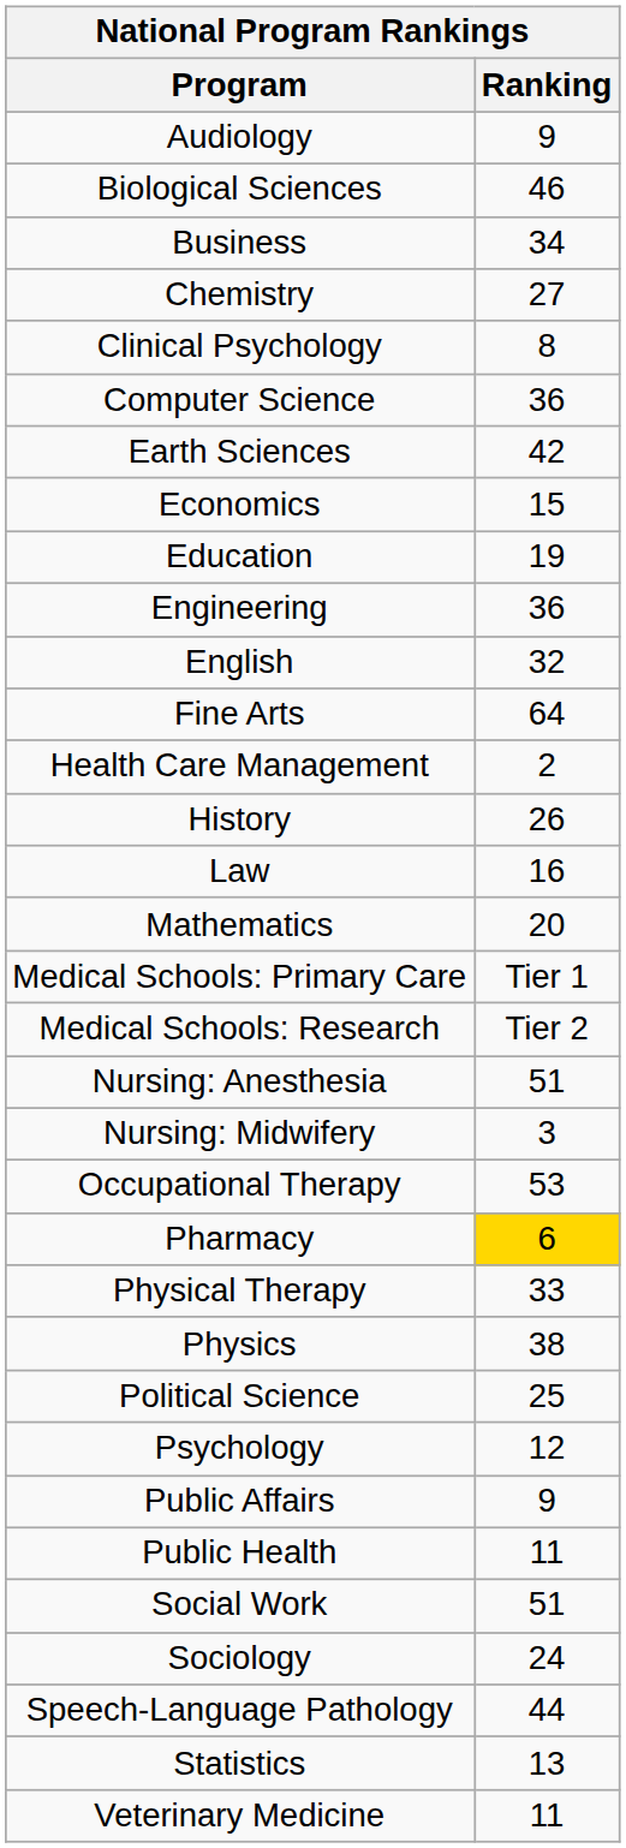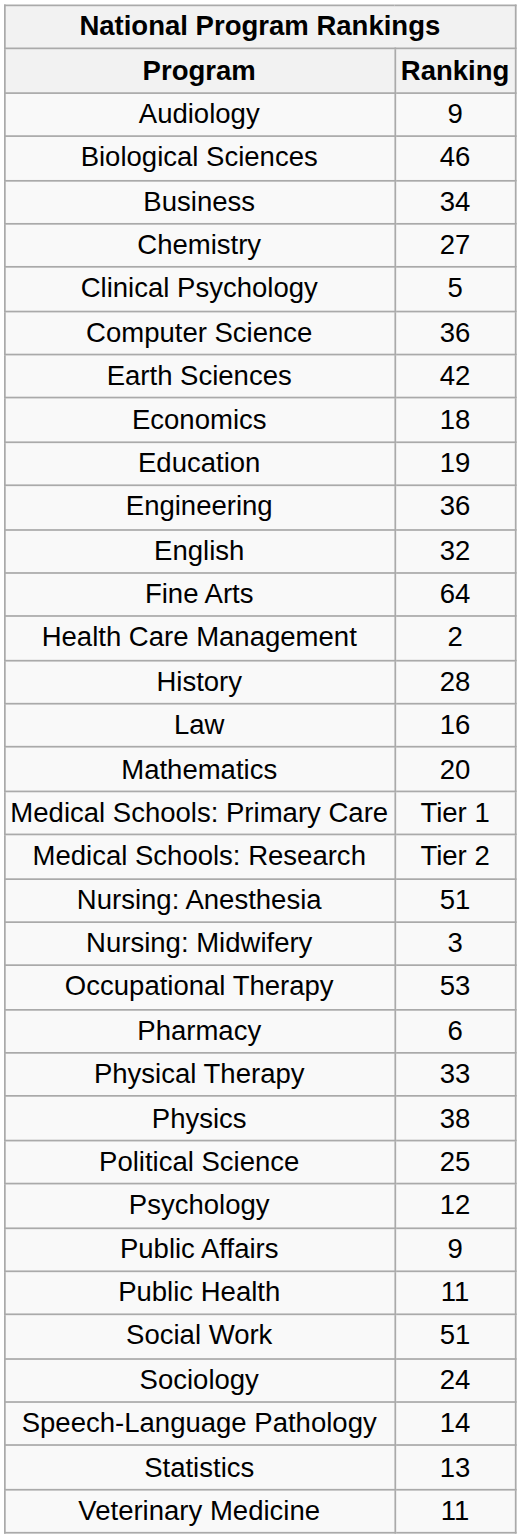 <table class="wikitable sortable collapsible collapsed" style="float:right; text-align:center">
 <tr>
 <th colspan=4>National Program Rankings</th>
 </tr>
 <tr>
 <th>Program</th>
 <th>Ranking</th>
 </tr>
 <tr>
 <td>Audiology</td>
 <td>9</td>
 </tr>
 <tr>
 <td>Biological Sciences</td>
 <td>46</td>
 </tr>
 <tr>
 <td>Business</td>
 <td>34</td>
 </tr>
 <tr>
 <td>Chemistry</td>
 <td>27</td>
 </tr>
 <tr>
 <td>Clinical Psychology</td>
-<td>8</td>
+<td>5</td>
 </tr>
 <tr>
 <td>Computer Science</td>
 <td>36</td>
 </tr>
 <tr>
 <td>Earth Sciences</td>
 <td>42</td>
 </tr>
 <tr>
 <td>Economics</td>
-<td>15</td>
+<td>18</td>
 </tr>
 <tr>
 <td>Education</td>
 <td>19</td>
 </tr>
 <tr>
 <td>Engineering</td>
 <td>36</td>
 </tr>
 <tr>
 <td>English</td>
 <td>32</td>
 </tr>
 <tr>
 <td>Fine Arts</td>
 <td>64</td>
 </tr>
 <tr>
 <td>Health Care Management</td>
 <td>2</td>
 </tr>
 <tr>
 <td>History</td>
-<td>26</td>
+<td>28</td>
 </tr>
 <tr>
 <td>Law</td>
 <td>16</td>
 </tr>
 <tr>
 <td>Mathematics</td>
 <td>20</td>
 </tr>
 <tr>
 <td>Medical Schools: Primary Care</td>
 <td>Tier 1</td>
 </tr>
 <tr>
 <td>Medical Schools: Research</td>
 <td>Tier 2</td>
 </tr>
 <tr>
 <td>Nursing: Anesthesia</td>
 <td>51</td>
 </tr>
 <tr>
 <td>Nursing: Midwifery</td>
 <td>3</td>
 </tr>
 <tr>
 <td>Occupational Therapy</td>
 <td>53</td>
 </tr>
 <tr>
 <td>Pharmacy</td>
-<td style="background: gold;">6</td>
+<td>6</td>
 </tr>
 <tr>
 <td>Physical Therapy</td>
 <td>33</td>
 </tr>
 <tr>
 <td>Physics</td>
 <td>38</td>
 </tr>
 <tr>
 <td>Political Science</td>
 <td>25</td>
 </tr>
 <tr>
 <td>Psychology</td>
 <td>12</td>
 </tr>
 <tr>
 <td>Public Affairs</td>
 <td>9</td>
 </tr>
 <tr>
 <td>Public Health</td>
 <td>11</td>
 </tr>
 <tr>
 <td>Social Work</td>
 <td>51</td>
 </tr>
 <tr>
 <td>Sociology</td>
 <td>24</td>
 </tr>
 <tr>
 <td>Speech-Language Pathology</td>
-<td>44</td>
+<td>14</td>
 </tr>
 <tr>
 <td>Statistics</td>
 <td>13</td>
 </tr>
 <tr>
 <td>Veterinary Medicine</td>
 <td>11</td>
 </tr>
 </table>
